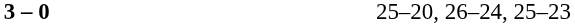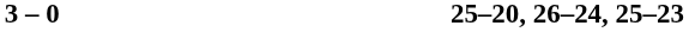 <table width=100% cellspacing=1>
 <tr>
 <th width=20%></th>
 <th width=12%></th>
 <th width=20%></th>
 <th width=33%></th>
 <td></td>
 </tr>
 <tr style=font-size:95%>
 <td align=right><strong></strong></td>
 <td align=center><strong>3 – 0</strong></td>
 <td></td>
-<td>25–20, 26–24, 25–23</td>
+<td><strong>25–20, 26–24, 25–23</strong></td>
 </tr>
 </table>
